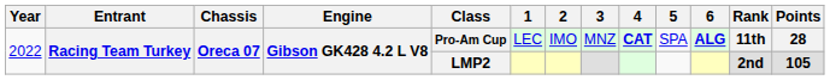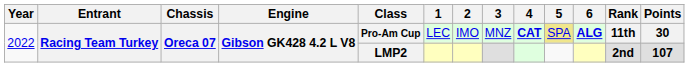 <table class="wikitable" style="text-align:center; font-size:85%">
 <tr>
 <th>Year</th>
 <th>Entrant</th>
 <th>Chassis</th>
 <th>Engine</th>
 <th>Class</th>
 <th>1</th>
 <th>2</th>
 <th>3</th>
 <th>4</th>
 <th>5</th>
 <th>6</th>
 <th>Rank</th>
 <th>Points</th>
 </tr>
 <tr>
 <td rowspan="2"><a href='#'>2022</a></td>
 <th rowspan="2" nowrap><a href='#'>Racing Team Turkey</a></th>
 <th rowspan="2" nowrap><a href='#'>Oreca 07</a></th>
 <th rowspan="2" nowrap><a href='#'>Gibson</a> GK428 4.2 L V8</th>
 <th><small>Pro-Am Cup</small></th>
 <td style="background:#DFFFDF;"><a href='#'>LEC</a><br></td>
 <td style="background:#DFFFDF;"><a href='#'>IMO</a><br></td>
 <td style="background:#DFFFDF;"><a href='#'>MNZ</a><br></td>
 <td style="background:#DFFFDF;"><strong><a href='#'>CAT</a><br></strong></td>
-<td><a href='#'>SPA</a></td>
+<td style="background: khaki;"><a href='#'>SPA</a></td>
 <td style="background:#DFFFDF;"><strong><a href='#'>ALG</a></strong><br></td>
 <th>11th</th>
-<th>28</th>
+<th>30</th>
 </tr>
 <tr>
 <th>LMP2</th>
 <td style="background:#FFFFBF;"></td>
 <td style="background:#FFFFBF;"></td>
 <td style="background:#DFDFDF;"></td>
 <td style="background:#DFFFDF;"></td>
 <td></td>
 <td style="background:#FFFFBF;"></td>
 <th style="background:#DFDFDF;">2nd</th>
-<th style="background:#DFDFDF;">105</th>
+<th style="background:#DFDFDF;">107</th>
 </tr>
 </table>
